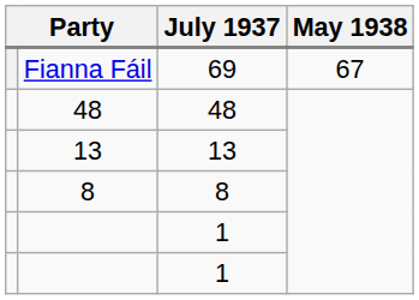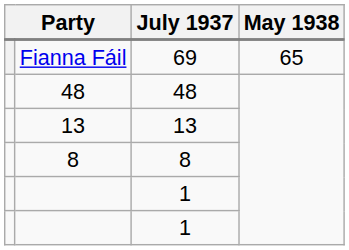 <table class="wikitable" style="font-size: 95%;">
 <tr style="background-color:#E9E9E9; border-bottom: 2px solid gray;">
 <th colspan=2>Party</th>
 <th>July 1937</th>
 <th>May 1938</th>
 </tr>
 <tr>
 <th style="background-color: "></th>
 <td><a href='#'>Fianna Fáil</a></td>
 <td align="center">69</td>
-<td align="center">67</td>
+<td align="center">65</td>
 </tr>
 <tr>
 <td></td>
 <td align="center">48</td>
 <td align="center">48</td>
 </tr>
 <tr>
 <td></td>
 <td align="center">13</td>
 <td align="center">13</td>
 </tr>
 <tr>
 <td></td>
 <td align="center">8</td>
 <td align="center">8</td>
 </tr>
 <tr>
 <td></td>
 <td></td>
 <td align="center">1</td>
 </tr>
 <tr>
 <td></td>
 <td></td>
 <td align="center">1</td>
 </tr>
 </table>
